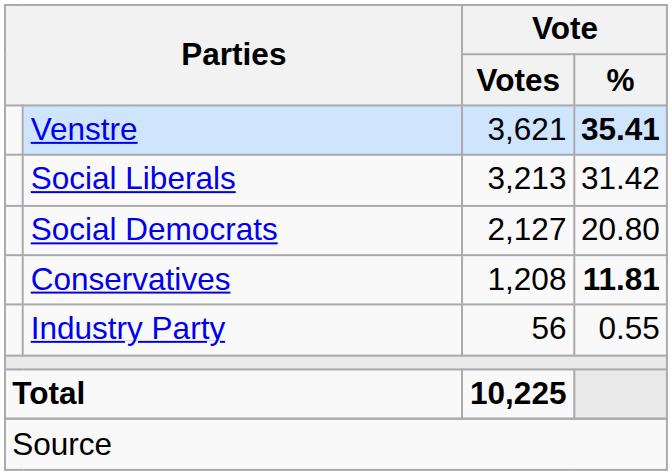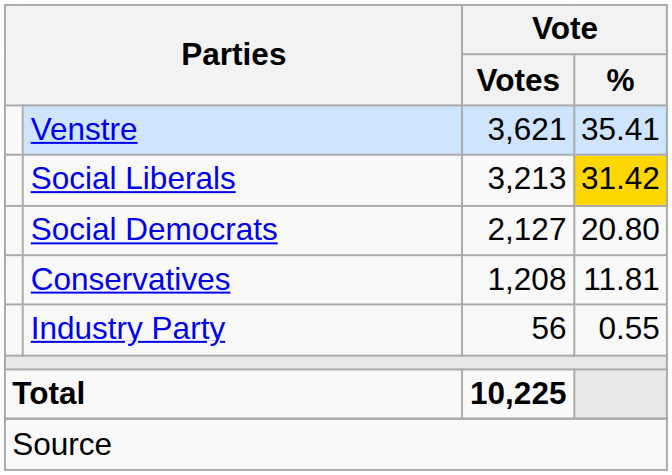 <table class="wikitable" style="text-align:right;">
 <tr>
 <th style="text-align:centre;" rowspan="2" colspan="2" width="225">Parties</th>
 <th colspan="3">Vote</th>
 </tr>
 <tr>
 <th width="15">Votes</th>
 <th width="15">%</th>
 </tr>
 <tr>
 <td width="2" style="color:inherit;background:"></td>
 <td bgcolor=#cfe5fe  align="left"><a href='#'>Venstre</a></td>
 <td bgcolor=#cfe5fe>3,621</td>
-<td bgcolor=#cfe5fe><strong>35.41</strong></td>
+<td bgcolor=#cfe5fe>35.41</td>
 </tr>
 <tr>
 <td width="2" style="color:inherit;background:"></td>
 <td align="left"><a href='#'>Social Liberals</a></td>
 <td>3,213</td>
-<td>31.42</td>
+<td style="background: gold;">31.42</td>
 </tr>
 <tr>
 <td width="2" style="color:inherit;background:"></td>
 <td align="left"><a href='#'>Social Democrats</a></td>
 <td>2,127</td>
 <td>20.80</td>
 </tr>
 <tr>
 <td width="2" style="color:inherit;background:"></td>
 <td align="left"><a href='#'>Conservatives</a></td>
 <td>1,208</td>
-<td><strong>11.81</strong></td>
+<td>11.81</td>
 </tr>
 <tr>
 <td width="2" style="color:inherit;background:"></td>
 <td align="left"><a href='#'>Industry Party</a></td>
 <td>56</td>
 <td>0.55</td>
 </tr>
 <tr>
 <td colspan="7" bgcolor="#E9E9E9"></td>
 </tr>
 <tr>
 <td align="left" colspan="2"><strong>Total</strong></td>
 <td><strong>10,225</strong></td>
 <td bgcolor="#E9E9E9" colspan="2"></td>
 </tr>
 <tr>
 </tr>
 <tr>
 <td align="left" colspan="6">Source</td>
 </tr>
 </table>
